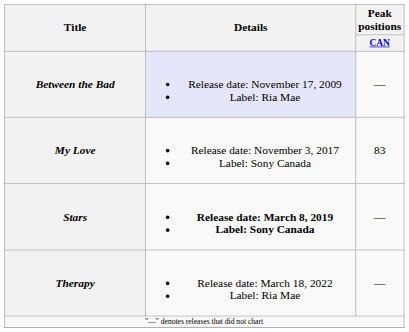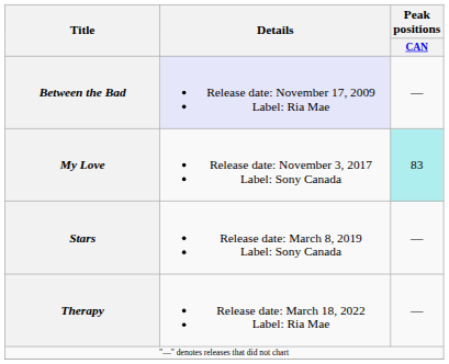 <table class="wikitable plainrowheaders" style="text-align:center;">
 <tr>
 <th rowspan="2" style="width:12em;">Title</th>
 <th rowspan="2" style="width:18em;">Details</th>
 <th>Peak positions</th>
 </tr>
 <tr style="font-size:smaller;">
 <th style="width:4em;"><a href='#'>CAN</a><br></th>
 </tr>
 <tr>
 <th scope="row"><em>Between the Bad</em></th>
 <td style="background: lavender;"><br><ul><li>Release date: November 17, 2009</li><li>Label: Ria Mae</li></ul></td>
 <td>—</td>
 </tr>
 <tr>
 <th scope="row"><em>My Love</em></th>
 <td><br><ul><li>Release date: November 3, 2017</li><li>Label: Sony Canada</li></ul></td>
-<td>83</td>
+<td style="background: paleturquoise;">83</td>
 </tr>
 <tr>
 <th scope="row"><em>Stars</em></th>
-<td><strong><br><ul><li>Release date: March 8, 2019</li><li>Label: Sony Canada</li></ul></strong></td>
+<td><br><ul><li>Release date: March 8, 2019</li><li>Label: Sony Canada</li></ul></td>
 <td>—</td>
 </tr>
 <tr>
 <th scope="row"><em>Therapy</em></th>
 <td><br><ul><li>Release date: March 18, 2022</li><li>Label: Ria Mae</li></ul></td>
 <td>—</td>
 </tr>
 <tr>
 <td colspan="4" style="font-size:8pt">"—" denotes releases that did not chart</td>
 </tr>
 <tr>
 </tr>
 </table>
